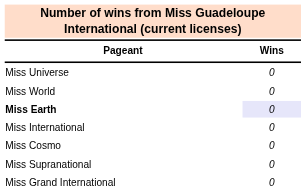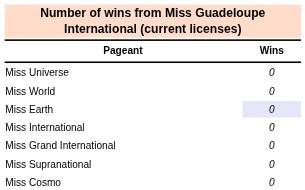 <table class="toccolours" style="width: 30em; float:right; margin-left:1em; font-size:80%; line-height:1.5em; width:30%;">
 <tr>
 <th colspan="2" style="text-align:center; background:#FFDDCA;"><big>Number of wins from Miss Guadeloupe International (current licenses)</big></th>
 </tr>
 <tr>
 <td colspan="2" style="background:black"></td>
 </tr>
 <tr>
 <th scope="col">Pageant</th>
 <th scope="col">Wins</th>
 </tr>
 <tr>
 <td colspan="2" style="background:black"></td>
 </tr>
 <tr>
 <td style="text-align:left">Miss Universe</td>
 <td style="text-align:center"><em>0</em></td>
 </tr>
 <tr>
 <td style="text-align:left">Miss World</td>
 <td style="text-align:center"><em>0</em></td>
 </tr>
 <tr>
-<td style="text-align:left"><strong>Miss Earth</strong></td>
+<td style="text-align:left">Miss Earth</td>
 <td style="background: lavender; text-align:center"><em>0</em></td>
 </tr>
 <tr>
 <td style="text-align:left">Miss International</td>
 <td style="text-align:center"><em>0</em></td>
 </tr>
 <tr>
-<td style="text-align:left">Miss Cosmo</td>
+<td style="text-align:left">Miss Grand International</td>
 <td style="text-align:center"><em>0</em></td>
 </tr>
 <tr>
 <td style="text-align:left">Miss Supranational</td>
 <td style="text-align:center"><em>0</em></td>
 </tr>
 <tr>
-<td style="text-align:left">Miss Grand International</td>
+<td style="text-align:left">Miss Cosmo</td>
 <td style="text-align:center"><em>0</em></td>
 </tr>
 </table>
